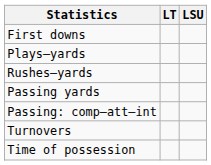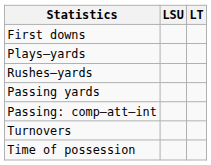 <table class="wikitable" style="float:left">
 <tr>
 <th>Statistics</th>
+<th>LSU</th>
 <th>LT</th>
-<th>LSU</th>
 </tr>
 <tr>
 <td>First downs</td>
 <td></td>
 <td></td>
 </tr>
 <tr>
 <td>Plays–yards</td>
 <td></td>
 <td></td>
 </tr>
 <tr>
 <td>Rushes–yards</td>
 <td></td>
 <td></td>
 </tr>
 <tr>
 <td>Passing yards</td>
 <td></td>
 <td></td>
 </tr>
 <tr>
 <td>Passing: comp–att–int</td>
 <td></td>
 <td></td>
 </tr>
 <tr>
 <td>Turnovers</td>
 <td></td>
 <td></td>
 </tr>
 <tr>
 <td>Time of possession</td>
 <td></td>
 <td></td>
 </tr>
 </table>
